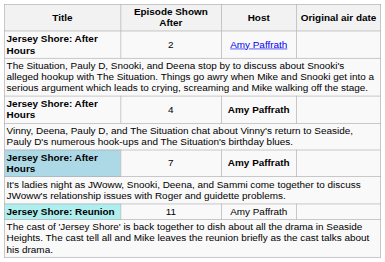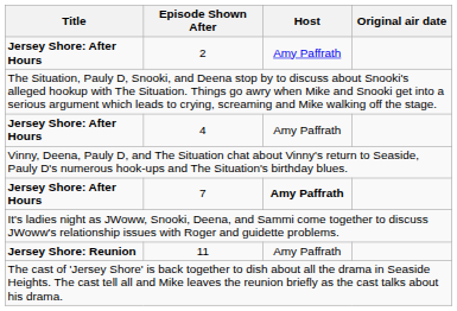 <table class="wikitable plainrowheaders">
 <tr>
 <th>Title</th>
 <th>Episode Shown After</th>
 <th>Host</th>
 <th>Original air date</th>
 </tr>
 <tr>
 <td><strong>Jersey Shore: After Hours</strong></td>
 <td style="text-align:center;">2</td>
 <td style="text-align:center;"><a href='#'>Amy Paffrath</a></td>
 <td style="text-align:center;"></td>
 </tr>
 <tr>
 <td colspan="4">The Situation, Pauly D, Snooki, and Deena stop by to discuss about Snooki's alleged hookup with The Situation. Things go awry when Mike and Snooki get into a serious argument which leads to crying, screaming and Mike walking off the stage.</td>
 </tr>
 <tr>
 <td><strong>Jersey Shore: After Hours</strong></td>
 <td style="text-align:center;">4</td>
-<td style="text-align:center;"><strong>Amy Paffrath</strong></td>
+<td style="text-align:center;">Amy Paffrath</td>
 <td style="text-align:center;"></td>
 </tr>
 <tr>
 <td colspan="4">Vinny, Deena, Pauly D, and The Situation chat about Vinny's return to Seaside, Pauly D's numerous hook-ups and The Situation's birthday blues.</td>
 </tr>
 <tr>
-<td style="background: lightblue;"><strong>Jersey Shore: After Hours</strong></td>
+<td><strong>Jersey Shore: After Hours</strong></td>
 <td style="text-align:center;">7</td>
 <td style="text-align:center;"><strong>Amy Paffrath</strong></td>
 <td style="text-align:center;"></td>
 </tr>
 <tr>
 <td colspan="4">It's ladies night as JWoww, Snooki, Deena, and Sammi come together to discuss JWoww's relationship issues with Roger and guidette problems.</td>
 </tr>
 <tr>
-<td style="background: paleturquoise;"><strong>Jersey Shore: Reunion</strong></td>
+<td><strong>Jersey Shore: Reunion</strong></td>
 <td style="text-align:center;">11</td>
 <td style="text-align:center;">Amy Paffrath</td>
 <td style="text-align:center;"></td>
 </tr>
 <tr>
 <td colspan="4">The cast of 'Jersey Shore' is back together to dish about all the drama in Seaside Heights. The cast tell all and Mike leaves the reunion briefly as the cast talks about his drama.</td>
 </tr>
 </table>
